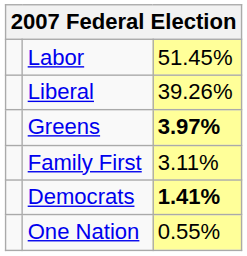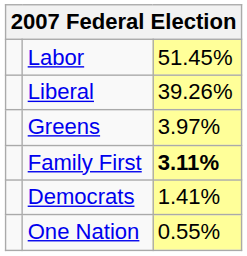 <table class="wikitable" style="float:right; clear:right; margin-left:0.5em">
 <tr>
 <th colspan = 3>2007 Federal Election</th>
 </tr>
 <tr>
 <td> </td>
 <td><a href='#'>Labor</a></td>
 <td bgcolor="FFFF99">51.45%</td>
 </tr>
 <tr>
 <td> </td>
 <td><a href='#'>Liberal</a></td>
 <td bgcolor="FFFF99">39.26%</td>
 </tr>
 <tr>
 <td> </td>
 <td><a href='#'>Greens</a></td>
-<td bgcolor="FFFF99"><strong>3.97%</strong></td>
+<td bgcolor="FFFF99">3.97%</td>
 </tr>
 <tr>
 <td> </td>
 <td><a href='#'>Family First</a></td>
-<td bgcolor="FFFF99">3.11%</td>
+<td bgcolor="FFFF99"><strong>3.11%</strong></td>
 </tr>
 <tr>
 <td> </td>
 <td><a href='#'>Democrats</a></td>
-<td bgcolor="FFFF99"><strong>1.41%</strong></td>
+<td bgcolor="FFFF99">1.41%</td>
 </tr>
 <tr>
 <td> </td>
 <td><a href='#'>One Nation</a></td>
 <td bgcolor="FFFF99">0.55%</td>
 </tr>
 </table>
